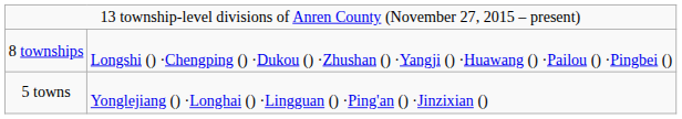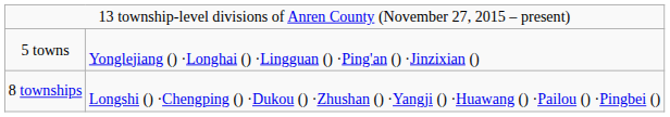 <table class="wikitable">
 <tr>
 <td style="text-align:center;" colspan="2">13 township-level divisions of <a href='#'>Anren County</a> (November 27, 2015 – present)</td>
 </tr>
 <tr align=left>
+<td align=center>5 towns</td>
+<td><br><a href='#'>Yonglejiang</a> () ·<a href='#'>Longhai</a> () ·<a href='#'>Lingguan</a> () ·<a href='#'>Ping'an</a> () ·<a href='#'>Jinzixian</a> ()</td>
+</tr>
+<tr align=left>
 <td align=center>8 <a href='#'>townships</a></td>
 <td><br><a href='#'>Longshi</a> () ·<a href='#'>Chengping</a> () ·<a href='#'>Dukou</a> () ·<a href='#'>Zhushan</a> () ·<a href='#'>Yangji</a> () ·<a href='#'>Huawang</a> () ·<a href='#'>Pailou</a> () ·<a href='#'>Pingbei</a> ()</td>
 </tr>
-<tr align=left>
-<td align=center>5 towns</td>
-<td><br><a href='#'>Yonglejiang</a> () ·<a href='#'>Longhai</a> () ·<a href='#'>Lingguan</a> () ·<a href='#'>Ping'an</a> () ·<a href='#'>Jinzixian</a> ()</td>
-</tr>
 </table>
